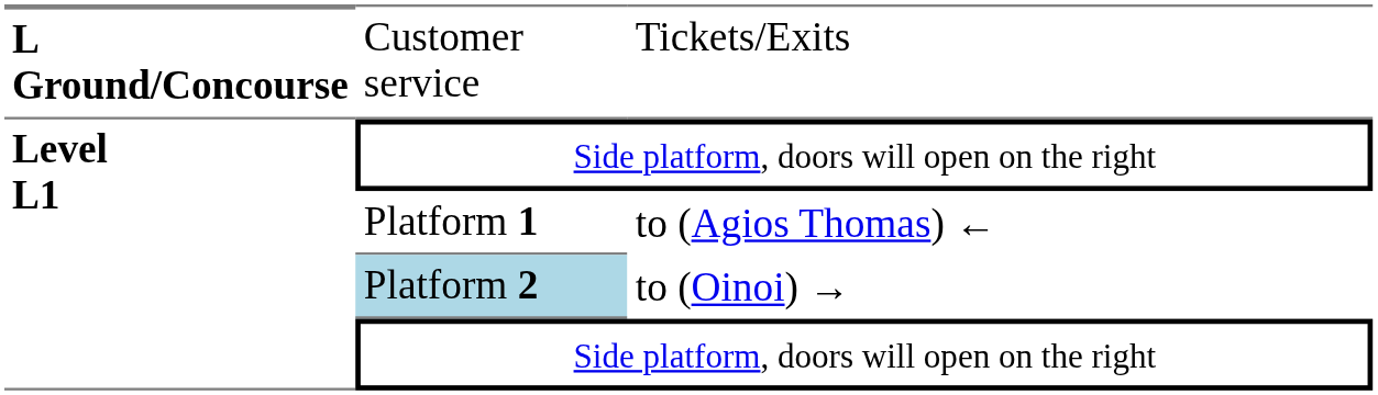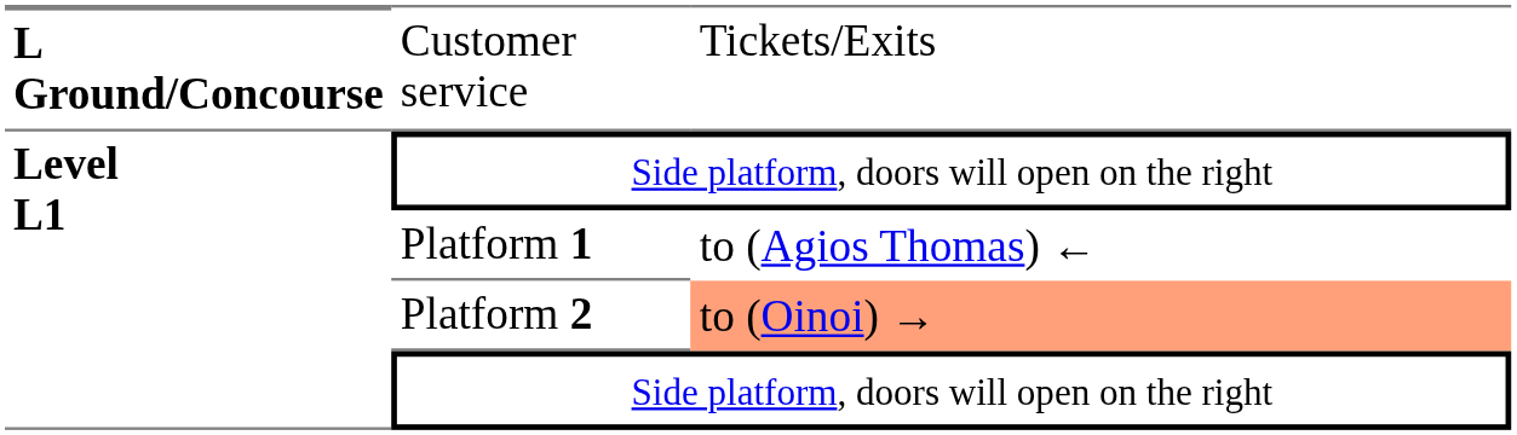 <table table border=0 cellspacing=0 cellpadding=3>
 <tr>
 <td style="border-bottom:solid 1px gray;border-top:solid 2px gray;" width=50 valign=top><strong>L<br>Ground/Concourse</strong></td>
 <td style="border-top:solid 1px gray;border-bottom:solid 1px gray;" width=100 valign=top>Customer service</td>
 <td style="border-top:solid 1px gray;border-bottom:solid 1px gray;" width=285 valign=top>Tickets/Exits</td>
 </tr>
 <tr>
 <td style="border-bottom:solid 1px gray;" rowspan=4 valign=top><strong>Level<br>L1</strong></td>
 <td style="border-top:solid 2px black;border-right:solid 2px black;border-left:solid 2px black;border-bottom:solid 2px black;text-align:center;" colspan=2><small><a href='#'>Side platform</a>, doors will open on the right</small></td>
 </tr>
 <tr>
 <td style="border-bottom:solid 1px gray;">Platform <strong>1</strong></td>
 <td> to  (<a href='#'>Agios Thomas</a>) ←</td>
 </tr>
 <tr>
-<td style="background: lightblue; border-bottom:solid 1px gray;">Platform <strong>2</strong></td>
-<td> to  (<a href='#'>Oinoi</a>) →</td>
+<td style="border-bottom:solid 1px gray;">Platform <strong>2</strong></td>
+<td style="background: lightsalmon;"> to  (<a href='#'>Oinoi</a>) →</td>
 </tr>
 <tr>
 <td style="border-top:solid 2px black;border-left:solid 2px black;border-right:solid 2px black;border-bottom:solid 2px black;text-align:center;" colspan=2><small><a href='#'>Side platform</a>, doors will open on the right</small></td>
 </tr>
 </table>
